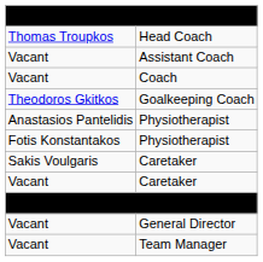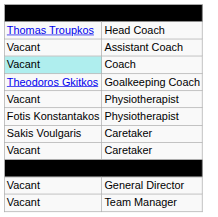 <table class="wikitable">
 <tr>
 <th colspan="2" style="background:black;"><span>Coaching staff</span></th>
 </tr>
 <tr>
 <td> <a href='#'>Thomas Troupkos</a></td>
 <td>Head Coach</td>
 </tr>
 <tr>
 <td>Vacant</td>
 <td>Assistant Coach</td>
 </tr>
 <tr>
-<td>Vacant</td>
+<td style="background: paleturquoise;">Vacant</td>
 <td>Coach</td>
 </tr>
 <tr>
 <td> <a href='#'>Theodoros Gkitkos</a></td>
 <td>Goalkeeping Coach</td>
 </tr>
 <tr>
-<td> Anastasios Pantelidis</td>
+<td>Vacant</td>
 <td>Physiotherapist</td>
 </tr>
 <tr>
 <td> Fotis Konstantakos</td>
 <td>Physiotherapist</td>
 </tr>
 <tr>
 <td> Sakis Voulgaris</td>
 <td>Caretaker</td>
 </tr>
 <tr>
 <td>Vacant</td>
 <td>Caretaker</td>
 </tr>
 <tr>
 <th colspan="2" style="background:black;"><span>Sport management and organisation</span></th>
 </tr>
 <tr>
 <td>Vacant</td>
 <td>General Director</td>
 </tr>
 <tr>
 <td>Vacant</td>
 <td>Team Manager</td>
 </tr>
 </table>
